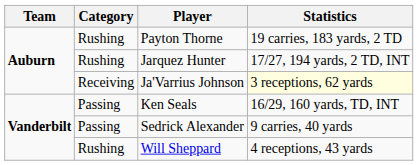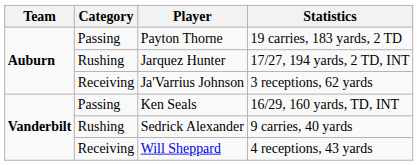 <table class="wikitable" style="float: right;">
 <tr>
 <th>Team</th>
 <th>Category</th>
 <th>Player</th>
 <th>Statistics</th>
 </tr>
 <tr>
 <td rowspan=3><strong>Auburn</strong></td>
-<td>Rushing</td>
+<td>Passing</td>
 <td>Payton Thorne</td>
 <td>19 carries, 183 yards, 2 TD</td>
 </tr>
 <tr>
 <td>Rushing</td>
 <td>Jarquez Hunter</td>
 <td>17/27, 194 yards, 2 TD, INT</td>
 </tr>
 <tr>
 <td>Receiving</td>
 <td>Ja'Varrius Johnson</td>
-<td style="background: lightyellow;">3 receptions, 62 yards</td>
+<td>3 receptions, 62 yards</td>
 </tr>
 <tr>
 <td rowspan=3><strong>Vanderbilt</strong></td>
 <td>Passing</td>
 <td>Ken Seals</td>
 <td>16/29, 160 yards, TD, INT</td>
 </tr>
 <tr>
-<td>Passing</td>
+<td>Rushing</td>
 <td>Sedrick Alexander</td>
 <td>9 carries, 40 yards</td>
 </tr>
 <tr>
-<td>Rushing</td>
+<td>Receiving</td>
 <td><a href='#'>Will Sheppard</a></td>
 <td>4 receptions, 43 yards</td>
 </tr>
 </table>
